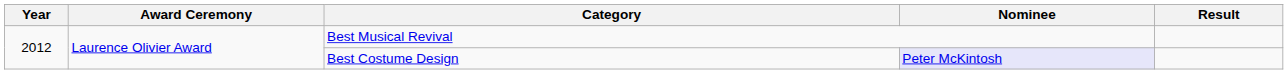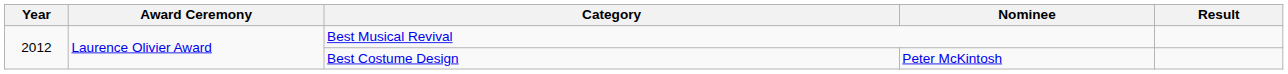 <table class="wikitable" width="95%">
 <tr>
 <th width="5%">Year</th>
 <th width="20%">Award Ceremony</th>
 <th width="45%">Category</th>
 <th width="20%">Nominee</th>
 <th width="10%">Result</th>
 </tr>
 <tr>
 <td rowspan="2" align="center">2012</td>
 <td rowspan="2"><a href='#'>Laurence Olivier Award</a></td>
 <td colspan="2"><a href='#'>Best Musical Revival</a></td>
 <td></td>
 </tr>
 <tr>
 <td><a href='#'>Best Costume Design</a></td>
-<td style="background: lavender;"><a href='#'>Peter McKintosh</a></td>
+<td><a href='#'>Peter McKintosh</a></td>
 <td></td>
 </tr>
 </table>
